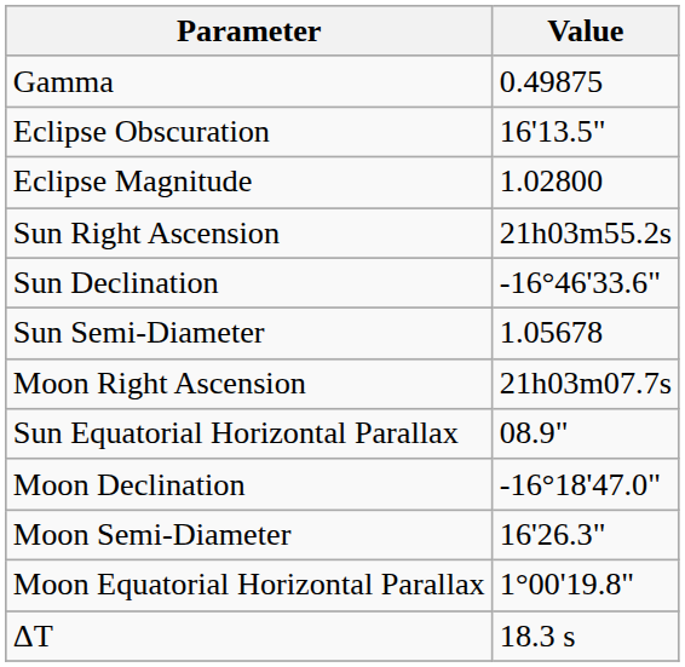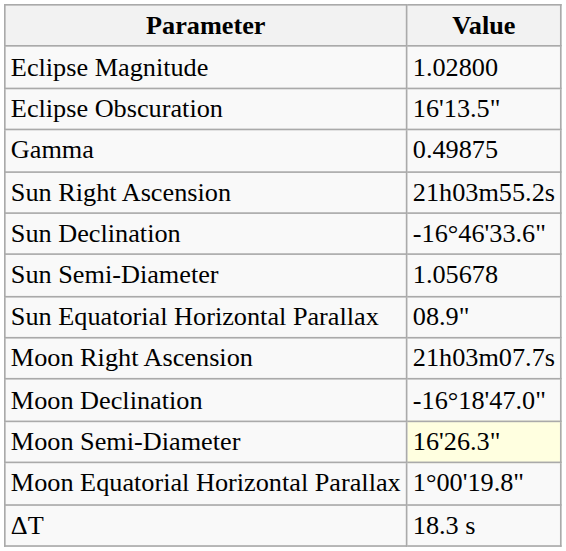 <table class="wikitable">
 <tr>
 <th>Parameter</th>
 <th>Value</th>
 </tr>
 <tr>
-<td>Gamma</td>
-<td>0.49875</td>
+<td>Eclipse Magnitude</td>
+<td>1.02800</td>
 </tr>
 <tr>
 <td>Eclipse Obscuration</td>
 <td>16'13.5"</td>
 </tr>
 <tr>
-<td>Eclipse Magnitude</td>
-<td>1.02800</td>
+<td>Gamma</td>
+<td>0.49875</td>
 </tr>
 <tr>
 <td>Sun Right Ascension</td>
 <td>21h03m55.2s</td>
 </tr>
 <tr>
 <td>Sun Declination</td>
 <td>-16°46'33.6"</td>
 </tr>
 <tr>
 <td>Sun Semi-Diameter</td>
 <td>1.05678</td>
 </tr>
 <tr>
+<td>Sun Equatorial Horizontal Parallax</td>
+<td>08.9"</td>
+</tr>
+<tr>
 <td>Moon Right Ascension</td>
 <td>21h03m07.7s</td>
-</tr>
-<tr>
-<td>Sun Equatorial Horizontal Parallax</td>
-<td>08.9"</td>
 </tr>
 <tr>
 <td>Moon Declination</td>
 <td>-16°18'47.0"</td>
 </tr>
 <tr>
 <td>Moon Semi-Diameter</td>
-<td>16'26.3"</td>
+<td style="background: lightyellow;">16'26.3"</td>
 </tr>
 <tr>
 <td>Moon Equatorial Horizontal Parallax</td>
 <td>1°00'19.8"</td>
 </tr>
 <tr>
 <td>ΔT</td>
 <td>18.3 s</td>
 </tr>
 </table>
